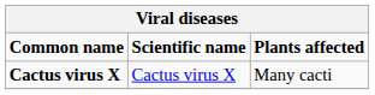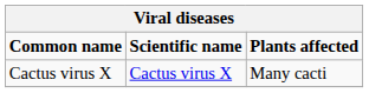 <table class="wikitable" style="clear">
 <tr>
 <th colspan=3><strong>Viral diseases</strong><br></th>
 </tr>
 <tr>
 <td><strong>Common name</strong></td>
 <td><strong>Scientific name</strong></td>
 <td><strong>Plants affected</strong></td>
 </tr>
 <tr>
-<td><strong>Cactus virus X</strong></td>
+<td>Cactus virus X</td>
 <td><a href='#'>Cactus virus X</a></td>
 <td>Many cacti</td>
 </tr>
 <tr>
 </tr>
 </table>
